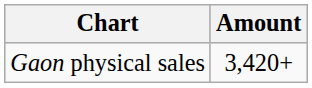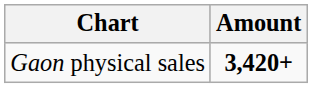 <table class="wikitable">
 <tr>
 <th>Chart</th>
 <th>Amount</th>
 </tr>
 <tr>
 <td><em>Gaon</em> physical sales</td>
-<td align="center">3,420+</td>
+<td align="center"><strong>3,420+</strong></td>
 </tr>
 </table>
